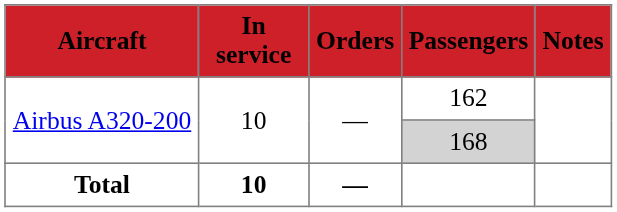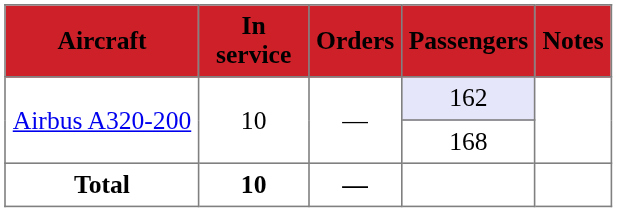 <table class="toccolours" border="1" cellpadding="4" style="margin:1em auto; border-collapse:collapse;text-align:center">
 <tr style="background:#CE2029;">
 <th><span>Aircraft</span></th>
 <th style="width:60px;"><span>In service</span></th>
 <th><span>Orders</span></th>
 <th><span>Passengers</span></th>
 <th><span>Notes</span></th>
 </tr>
 <tr>
 <td rowspan="2"><a href='#'>Airbus A320-200</a></td>
 <td rowspan="2">10</td>
 <td rowspan="2">—</td>
-<td>162</td>
+<td style="background: lavender;">162</td>
 <td rowspan="2"></td>
 </tr>
 <tr>
-<td style="background: lightgrey;">168</td>
+<td>168</td>
 </tr>
 <tr>
 <th>Total</th>
 <th>10</th>
 <th>—</th>
 <th></th>
 <th colspan="3"></th>
 </tr>
 </table>
